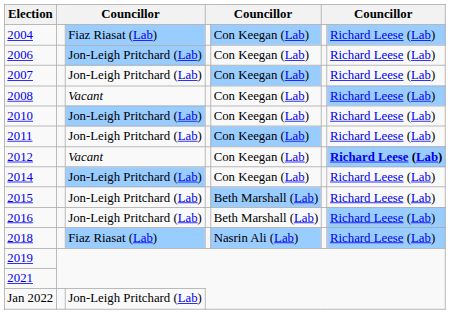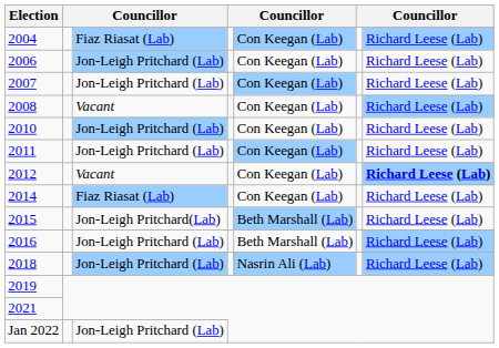 <table class="wikitable">
 <tr>
 <th>Election</th>
 <th colspan="2">Councillor</th>
 <th colspan="2">Councillor</th>
 <th colspan="2">Councillor</th>
 </tr>
 <tr>
 <td><a href='#'>2004</a></td>
 <td style="background-color: "></td>
 <td bgcolor="#99CCFF">Fiaz Riasat (<a href='#'>Lab</a>)</td>
 <td style="background-color: "></td>
 <td bgcolor="#99CCFF">Con Keegan (<a href='#'>Lab</a>)</td>
 <td style="background-color: "></td>
 <td bgcolor="#99CCFF"><a href='#'>Richard Leese</a> (<a href='#'>Lab</a>)</td>
 </tr>
 <tr>
 <td><a href='#'>2006</a></td>
 <td style="background-color: "></td>
 <td bgcolor="#99CCFF">Jon-Leigh Pritchard (<a href='#'>Lab</a>)</td>
 <td style="background-color: "></td>
 <td>Con Keegan (<a href='#'>Lab</a>)</td>
 <td style="background-color: "></td>
 <td><a href='#'>Richard Leese</a> (<a href='#'>Lab</a>)</td>
 </tr>
 <tr>
 <td><a href='#'>2007</a></td>
 <td style="background-color: "></td>
 <td>Jon-Leigh Pritchard (<a href='#'>Lab</a>)</td>
 <td style="background-color: "></td>
 <td bgcolor="#99CCFF">Con Keegan (<a href='#'>Lab</a>)</td>
 <td style="background-color: "></td>
 <td><a href='#'>Richard Leese</a> (<a href='#'>Lab</a>)</td>
 </tr>
 <tr>
 <td><a href='#'>2008</a></td>
 <td style="background-color: "></td>
 <td><em>Vacant</em></td>
 <td style="background-color: "></td>
 <td>Con Keegan (<a href='#'>Lab</a>)</td>
 <td style="background-color: "></td>
 <td bgcolor="#99CCFF"><a href='#'>Richard Leese</a> (<a href='#'>Lab</a>)</td>
 </tr>
 <tr>
 <td><a href='#'>2010</a></td>
 <td style="background-color: "></td>
 <td bgcolor="#99CCFF">Jon-Leigh Pritchard (<a href='#'>Lab</a>)</td>
 <td style="background-color: "></td>
 <td>Con Keegan (<a href='#'>Lab</a>)</td>
 <td style="background-color: "></td>
 <td><a href='#'>Richard Leese</a> (<a href='#'>Lab</a>)</td>
 </tr>
 <tr>
 <td><a href='#'>2011</a></td>
 <td style="background-color: "></td>
 <td>Jon-Leigh Pritchard (<a href='#'>Lab</a>)</td>
 <td style="background-color: "></td>
 <td bgcolor="#99CCFF">Con Keegan (<a href='#'>Lab</a>)</td>
 <td style="background-color: "></td>
 <td><a href='#'>Richard Leese</a> (<a href='#'>Lab</a>)</td>
 </tr>
 <tr>
 <td><a href='#'>2012</a></td>
 <td style="background-color: "></td>
 <td><em>Vacant</em></td>
 <td style="background-color: "></td>
 <td>Con Keegan (<a href='#'>Lab</a>)</td>
 <td style="background-color: "></td>
 <td bgcolor="#99CCFF"><strong><a href='#'>Richard Leese</a> (<a href='#'>Lab</a>)</strong></td>
 </tr>
 <tr>
 <td><a href='#'>2014</a></td>
 <td style="background-color: "></td>
-<td bgcolor="#99CCFF">Jon-Leigh Pritchard (<a href='#'>Lab</a>)</td>
+<td bgcolor="#99CCFF">Fiaz Riasat (<a href='#'>Lab</a>)</td>
 <td style="background-color: "></td>
 <td>Con Keegan (<a href='#'>Lab</a>)</td>
 <td style="background-color: "></td>
 <td><a href='#'>Richard Leese</a> (<a href='#'>Lab</a>)</td>
 </tr>
 <tr>
 <td><a href='#'>2015</a></td>
 <td style="background-color: "></td>
-<td>Jon-Leigh Pritchard (<a href='#'>Lab</a>)</td>
+<td>Jon-Leigh Pritchard(<a href='#'>Lab</a>)</td>
 <td style="background-color: "></td>
 <td bgcolor="#99CCFF">Beth Marshall (<a href='#'>Lab</a>)</td>
 <td style="background-color: "></td>
 <td><a href='#'>Richard Leese</a> (<a href='#'>Lab</a>)</td>
 </tr>
 <tr>
 <td><a href='#'>2016</a></td>
 <td style="background-color: "></td>
 <td>Jon-Leigh Pritchard (<a href='#'>Lab</a>)</td>
 <td style="background-color: "></td>
 <td>Beth Marshall (<a href='#'>Lab</a>)</td>
 <td style="background-color: "></td>
 <td bgcolor="#99CCFF"><a href='#'>Richard Leese</a> (<a href='#'>Lab</a>)</td>
 </tr>
 <tr>
 <td><a href='#'>2018</a></td>
 <td style="background-color: "></td>
-<td bgcolor="#99CCFF">Fiaz Riasat (<a href='#'>Lab</a>)</td>
+<td bgcolor="#99CCFF">Jon-Leigh Pritchard (<a href='#'>Lab</a>)</td>
 <td style="background-color: "></td>
 <td bgcolor="#99CCFF">Nasrin Ali (<a href='#'>Lab</a>)</td>
 <td style="background-color: "></td>
 <td bgcolor="#99CCFF"><a href='#'>Richard Leese</a> (<a href='#'>Lab</a>)</td>
 </tr>
 <tr>
 <td><a href='#'>2019</a><br>  </td>
 </tr>
 <tr>
 <td><a href='#'>2021</a><br>  </td>
 </tr>
 <tr>
 <td>Jan 2022<br> </td>
 <td> </td>
 <td>Jon-Leigh Pritchard (<a href='#'>Lab</a>)</td>
 </tr>
 </table>
